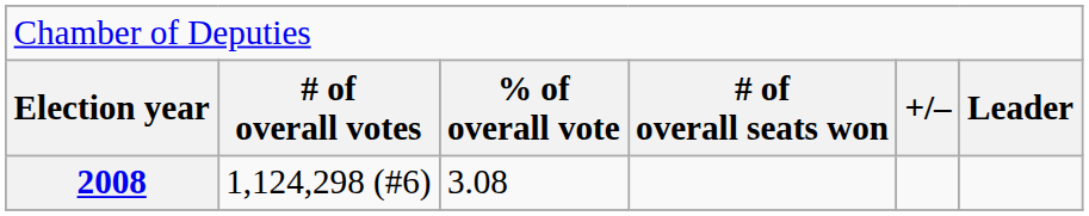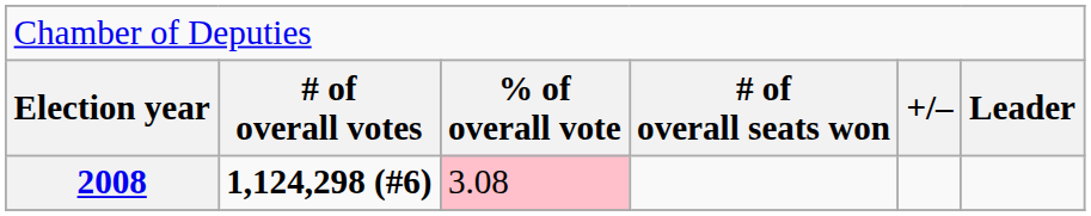 <table class=wikitable>
 <tr>
 <td colspan=8><a href='#'>Chamber of Deputies</a></td>
 </tr>
 <tr>
 <th>Election year</th>
 <th># of<br>overall votes</th>
 <th>% of<br>overall vote</th>
 <th># of<br>overall seats won</th>
 <th>+/–</th>
 <th>Leader</th>
 </tr>
 <tr>
 <th><a href='#'>2008</a></th>
-<td>1,124,298 (#6)</td>
-<td>3.08</td>
+<td><strong>1,124,298 (#6)</strong></td>
+<td style="background: pink;">3.08</td>
 <td></td>
 <td></td>
 <td></td>
 </tr>
 </table>
